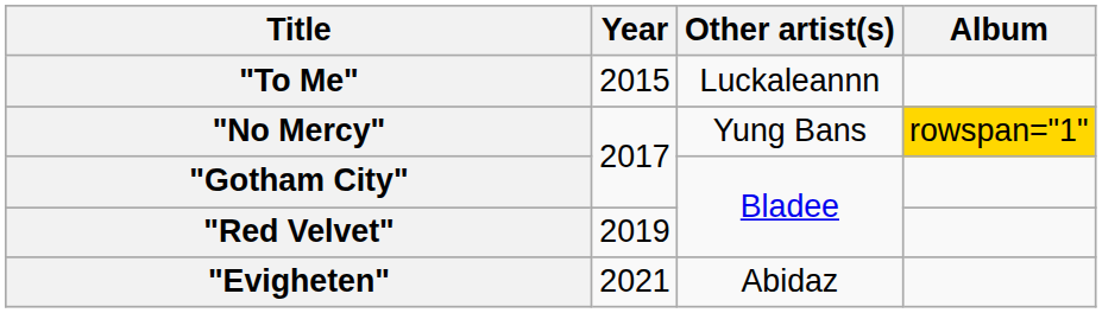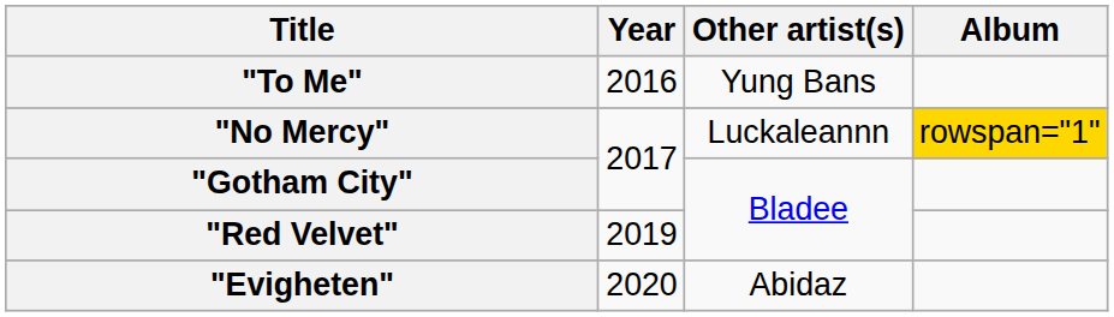 <table class="wikitable plainrowheaders" style="text-align:center;">
 <tr>
 <th scope="col" style="width:18em;">Title</th>
 <th scope="col">Year</th>
 <th scope="col">Other artist(s)</th>
 <th scope="col">Album</th>
 </tr>
 <tr>
 <th scope="row">"To Me"</th>
-<td rowspan="1">2015</td>
-<td>Luckaleannn</td>
+<td rowspan="1">2016</td>
+<td>Yung Bans</td>
 <td></td>
 </tr>
 <tr>
 <th scope="row">"No Mercy"</th>
 <td rowspan="2">2017</td>
-<td>Yung Bans</td>
+<td>Luckaleannn</td>
 <td style="background: gold;">rowspan="1" </td>
 </tr>
 <tr>
 <th scope="row">"Gotham City"</th>
 <td rowspan="2"><a href='#'>Bladee</a></td>
 <td></td>
 </tr>
 <tr>
 <th scope="row">"Red Velvet"</th>
 <td rowspan="1">2019</td>
 <td></td>
 </tr>
 <tr>
 <th scope="row">"Evigheten"</th>
-<td rowspan="1">2021</td>
+<td rowspan="1">2020</td>
 <td>Abidaz</td>
 <td></td>
 </tr>
 </table>
